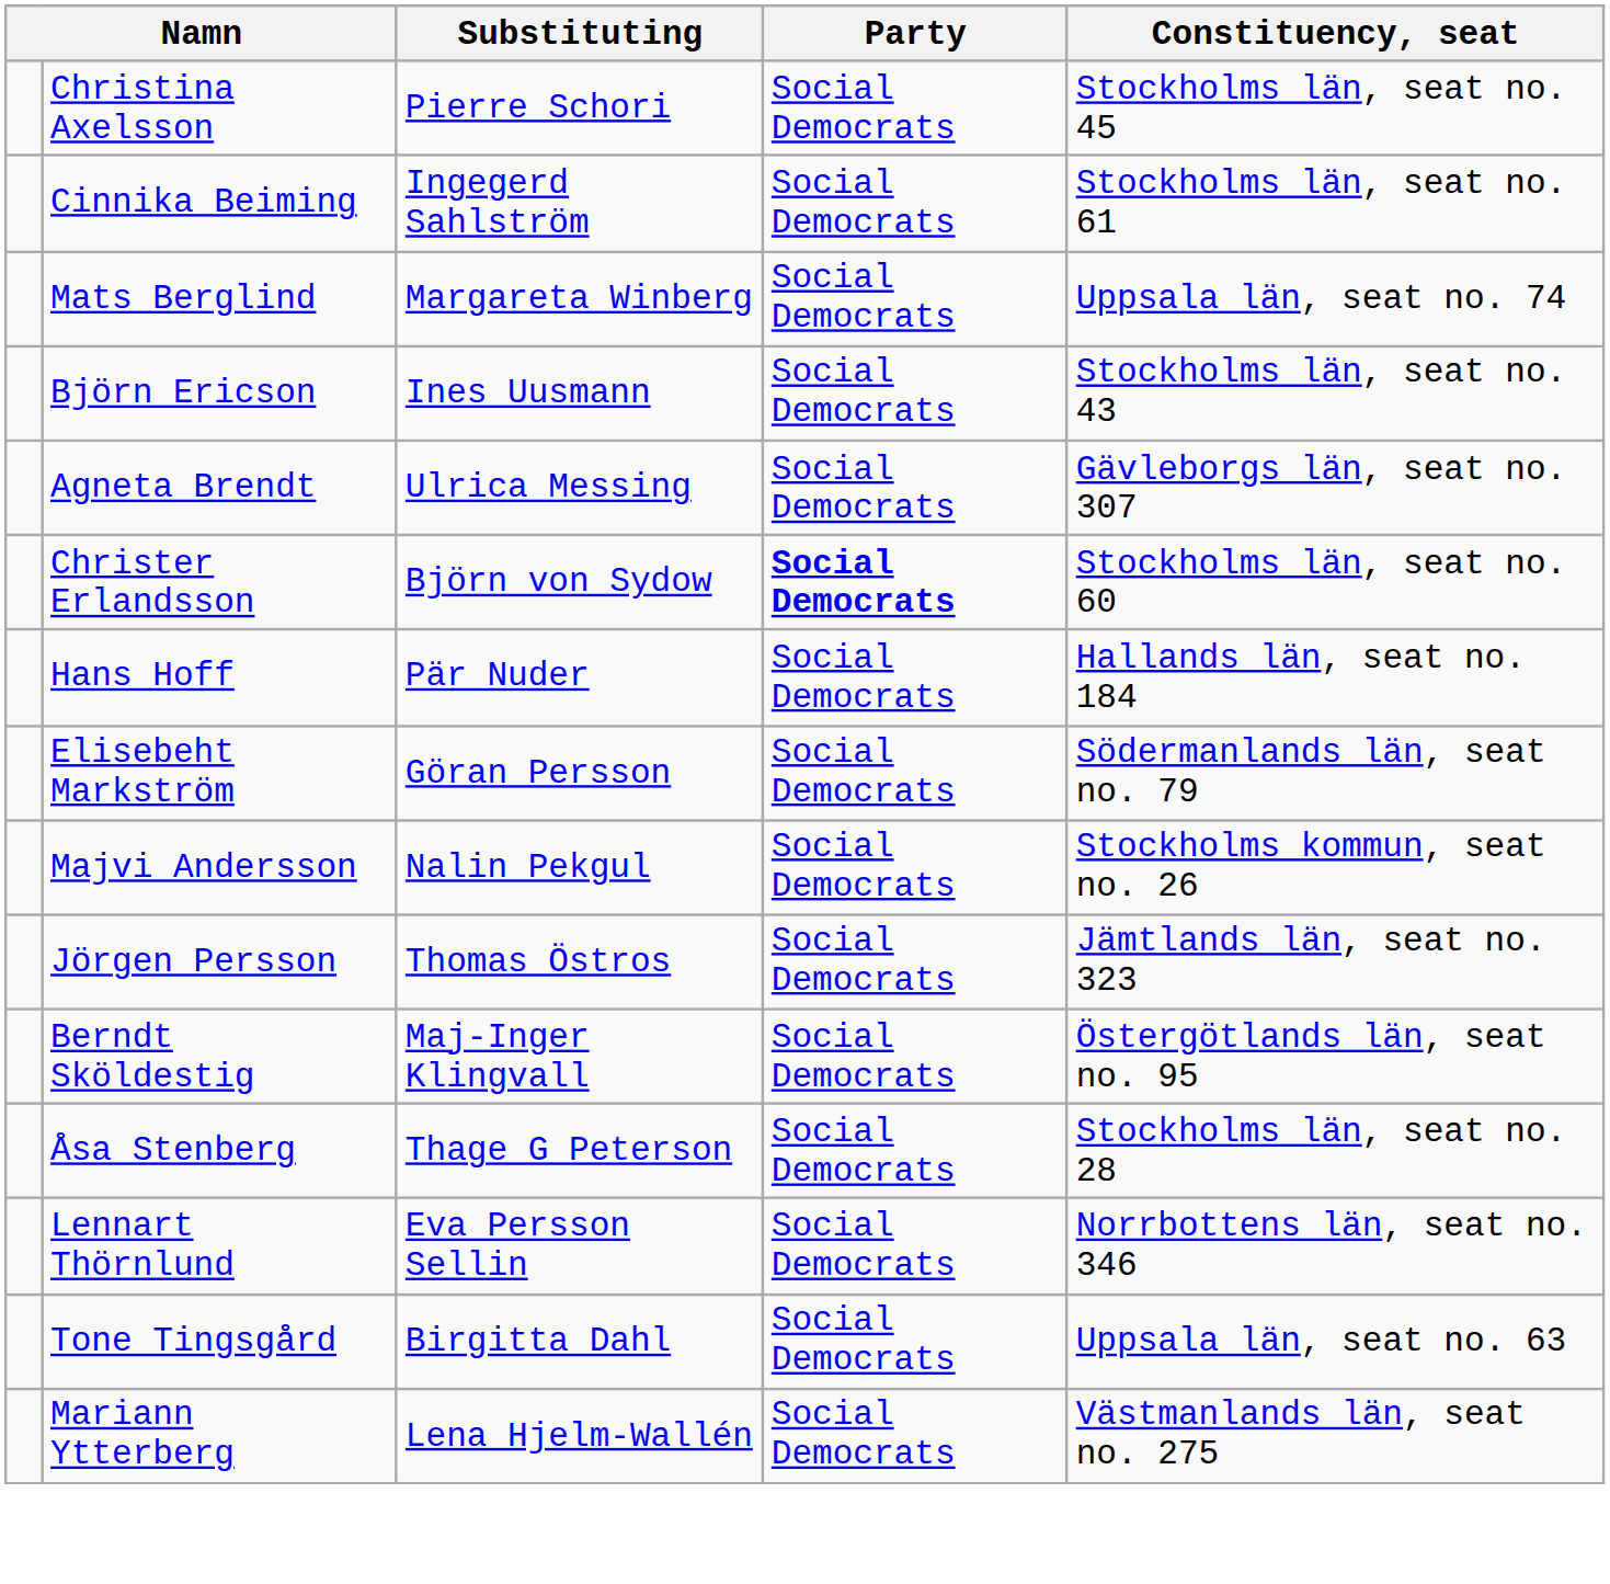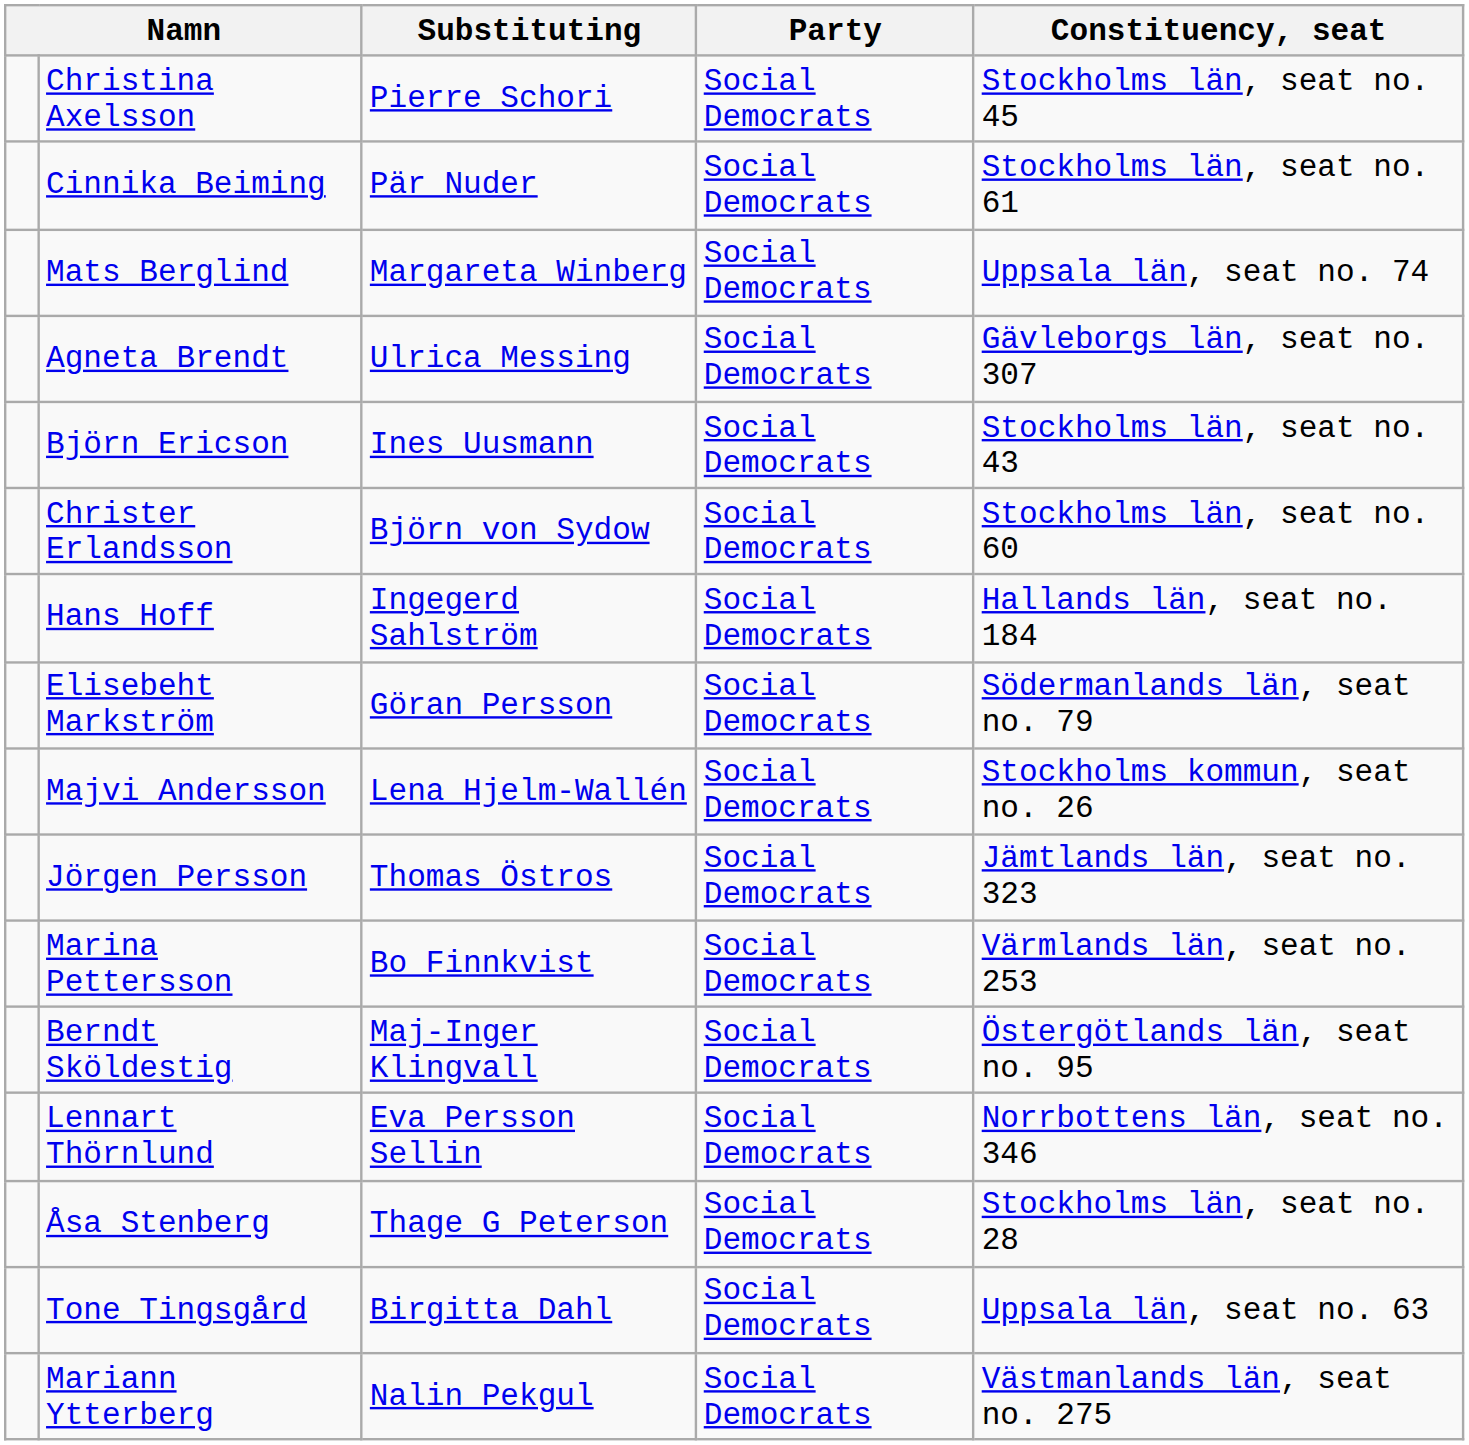 <table class="wikitable">
 <tr>
 <th colspan="2">Namn</th>
 <th>Substituting</th>
 <th>Party</th>
 <th>Constituency, seat</th>
 </tr>
 <tr>
 <td> </td>
 <td><a href='#'>Christina Axelsson</a></td>
 <td><a href='#'>Pierre Schori</a></td>
 <td><a href='#'>Social Democrats</a></td>
 <td><a href='#'>Stockholms län</a>, seat no. 45</td>
 </tr>
 <tr>
 <td> </td>
 <td><a href='#'>Cinnika Beiming</a></td>
-<td><a href='#'>Ingegerd Sahlström</a></td>
+<td><a href='#'>Pär Nuder</a></td>
 <td><a href='#'>Social Democrats</a></td>
 <td><a href='#'>Stockholms län</a>, seat no. 61</td>
 </tr>
 <tr>
 <td> </td>
 <td><a href='#'>Mats Berglind</a></td>
 <td><a href='#'>Margareta Winberg</a></td>
 <td><a href='#'>Social Democrats</a></td>
 <td><a href='#'>Uppsala län</a>, seat no. 74</td>
 </tr>
 <tr>
 <td> </td>
+<td><a href='#'>Agneta Brendt</a></td>
+<td><a href='#'>Ulrica Messing</a></td>
+<td><a href='#'>Social Democrats</a></td>
+<td><a href='#'>Gävleborgs län</a>, seat no. 307</td>
+</tr>
+<tr>
+<td> </td>
 <td><a href='#'>Björn Ericson</a></td>
 <td><a href='#'>Ines Uusmann</a></td>
 <td><a href='#'>Social Democrats</a></td>
 <td><a href='#'>Stockholms län</a>, seat no. 43</td>
 </tr>
 <tr>
 <td> </td>
-<td><a href='#'>Agneta Brendt</a></td>
-<td><a href='#'>Ulrica Messing</a></td>
-<td><a href='#'>Social Democrats</a></td>
-<td><a href='#'>Gävleborgs län</a>, seat no. 307</td>
-</tr>
-<tr>
-<td> </td>
 <td><a href='#'>Christer Erlandsson</a></td>
 <td><a href='#'>Björn von Sydow</a></td>
-<td><strong><a href='#'>Social Democrats</a></strong></td>
+<td><a href='#'>Social Democrats</a></td>
 <td><a href='#'>Stockholms län</a>, seat no. 60</td>
 </tr>
 <tr>
 <td> </td>
 <td><a href='#'>Hans Hoff</a></td>
-<td><a href='#'>Pär Nuder</a></td>
+<td><a href='#'>Ingegerd Sahlström</a></td>
 <td><a href='#'>Social Democrats</a></td>
 <td><a href='#'>Hallands län</a>, seat no. 184</td>
 </tr>
 <tr>
 <td> </td>
 <td><a href='#'>Elisebeht Markström</a></td>
 <td><a href='#'>Göran Persson</a></td>
 <td><a href='#'>Social Democrats</a></td>
 <td><a href='#'>Södermanlands län</a>, seat no. 79</td>
 </tr>
 <tr>
 <td> </td>
 <td><a href='#'>Majvi Andersson</a></td>
-<td><a href='#'>Nalin Pekgul</a></td>
+<td><a href='#'>Lena Hjelm-Wallén</a></td>
 <td><a href='#'>Social Democrats</a></td>
 <td><a href='#'>Stockholms kommun</a>, seat no. 26</td>
 </tr>
 <tr>
 <td> </td>
 <td><a href='#'>Jörgen Persson</a></td>
 <td><a href='#'>Thomas Östros</a></td>
 <td><a href='#'>Social Democrats</a></td>
 <td><a href='#'>Jämtlands län</a>, seat no. 323</td>
 </tr>
 <tr>
 <td> </td>
+<td><a href='#'>Marina Pettersson</a></td>
+<td><a href='#'>Bo Finnkvist</a></td>
+<td><a href='#'>Social Democrats</a></td>
+<td><a href='#'>Värmlands län</a>, seat no. 253</td>
+</tr>
+<tr>
+<td> </td>
 <td><a href='#'>Berndt Sköldestig</a></td>
 <td><a href='#'>Maj-Inger Klingvall</a></td>
 <td><a href='#'>Social Democrats</a></td>
 <td><a href='#'>Östergötlands län</a>, seat no. 95</td>
 </tr>
 <tr>
 <td> </td>
+<td><a href='#'>Lennart Thörnlund</a></td>
+<td><a href='#'>Eva Persson Sellin</a></td>
+<td><a href='#'>Social Democrats</a></td>
+<td><a href='#'>Norrbottens län</a>, seat no. 346</td>
+</tr>
+<tr>
+<td> </td>
 <td><a href='#'>Åsa Stenberg</a></td>
 <td><a href='#'>Thage G Peterson</a></td>
 <td><a href='#'>Social Democrats</a></td>
 <td><a href='#'>Stockholms län</a>, seat no. 28</td>
-</tr>
-<tr>
-<td> </td>
-<td><a href='#'>Lennart Thörnlund</a></td>
-<td><a href='#'>Eva Persson Sellin</a></td>
-<td><a href='#'>Social Democrats</a></td>
-<td><a href='#'>Norrbottens län</a>, seat no. 346</td>
 </tr>
 <tr>
 <td> </td>
 <td><a href='#'>Tone Tingsgård</a></td>
 <td><a href='#'>Birgitta Dahl</a></td>
 <td><a href='#'>Social Democrats</a></td>
 <td><a href='#'>Uppsala län</a>, seat no. 63</td>
 </tr>
 <tr>
 <td> </td>
 <td><a href='#'>Mariann Ytterberg</a></td>
-<td><a href='#'>Lena Hjelm-Wallén</a></td>
+<td><a href='#'>Nalin Pekgul</a></td>
 <td><a href='#'>Social Democrats</a></td>
 <td><a href='#'>Västmanlands län</a>, seat no. 275</td>
 </tr>
 </table>
